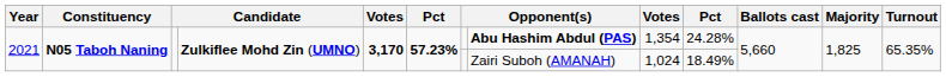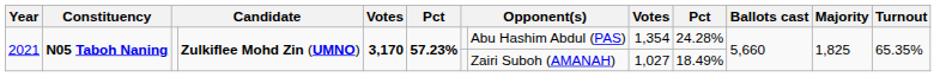 <table class="wikitable" style="margin:0.5em ; font-size:95%">
 <tr>
 <th>Year</th>
 <th>Constituency</th>
 <th colspan=2>Candidate</th>
 <th>Votes</th>
 <th>Pct</th>
 <th colspan=2>Opponent(s)</th>
 <th>Votes</th>
 <th>Pct</th>
 <th>Ballots cast</th>
 <th>Majority</th>
 <th>Turnout</th>
 </tr>
 <tr>
 <td rowspan=2><a href='#'>2021</a></td>
 <td rowspan=2><strong>N05 <a href='#'>Taboh Naning</a></strong></td>
 <td rowspan=2 ></td>
 <td rowspan=2><strong>Zulkiflee Mohd Zin</strong> (<a href='#'><strong>UMNO</strong></a>)</td>
 <td rowspan=2 align=right><strong>3,170</strong></td>
 <td rowspan=2><strong>57.23%</strong></td>
 <td bgcolor=></td>
-<td><strong>Abu Hashim Abdul (<a href='#'>PAS</a>)</strong></td>
+<td>Abu Hashim Abdul (<a href='#'>PAS</a>)</td>
 <td align=right>1,354</td>
 <td>24.28%</td>
 <td rowspan=2>5,660</td>
 <td rowspan=2>1,825</td>
 <td rowspan=2>65.35%</td>
 </tr>
 <tr>
 <td></td>
 <td>Zairi Suboh (<a href='#'>AMANAH</a>)</td>
-<td align=right>1,024</td>
+<td align=right>1,027</td>
 <td>18.49%</td>
 </tr>
 </table>
